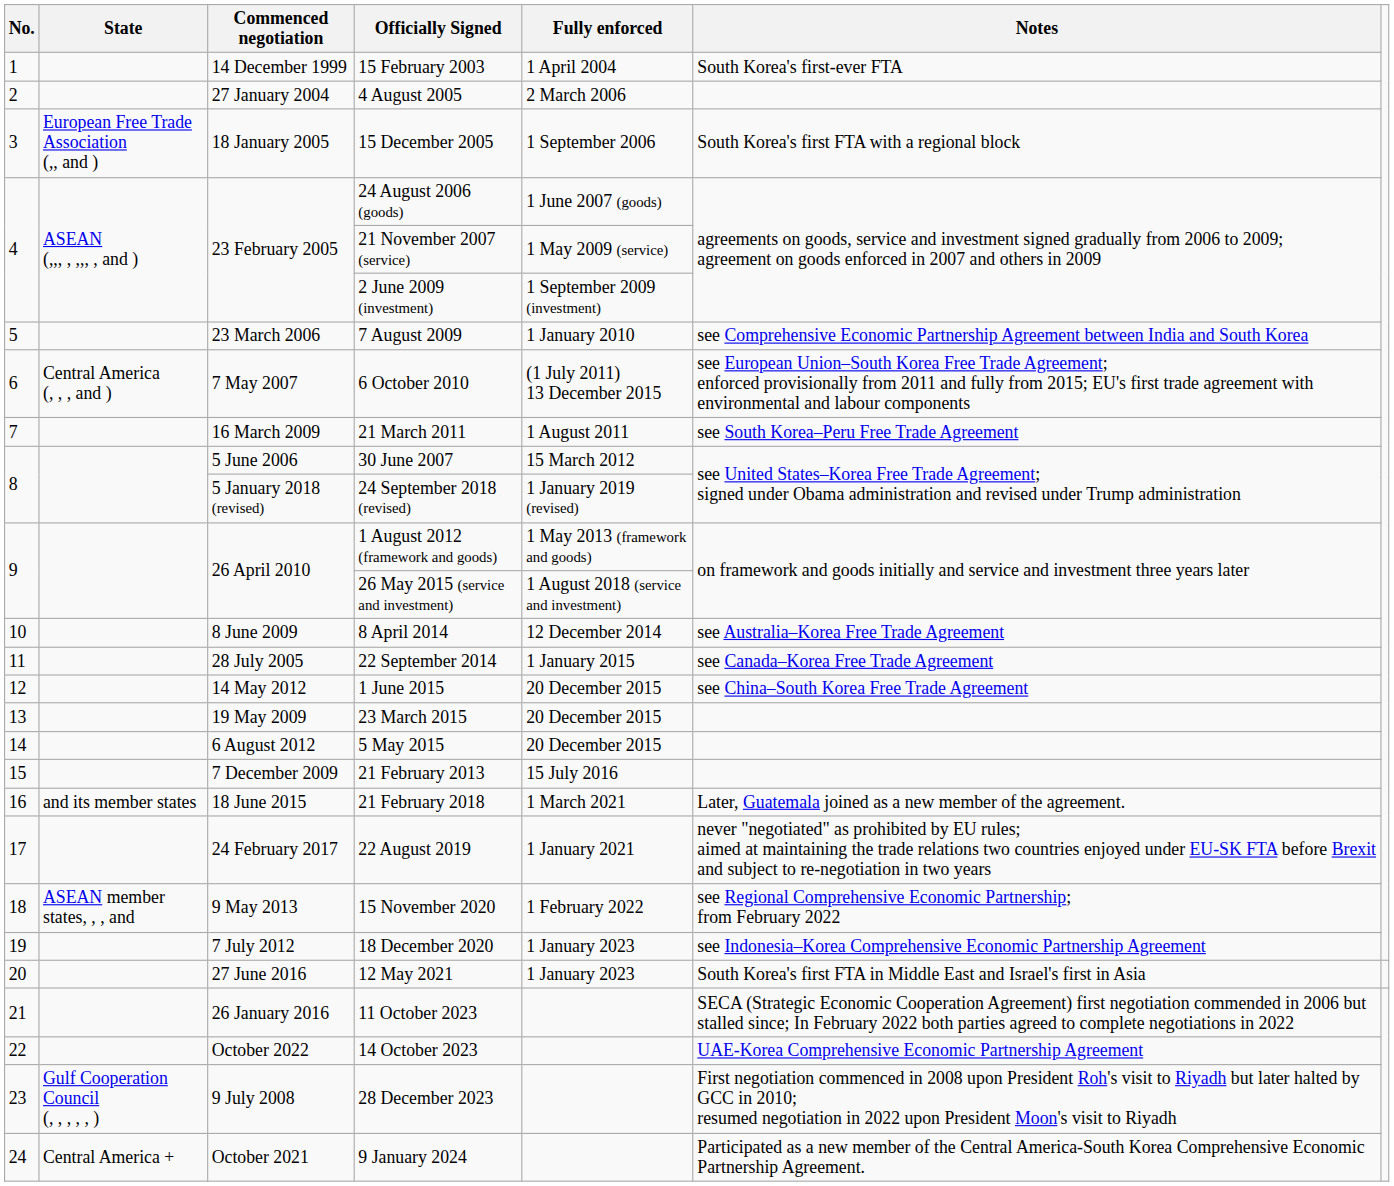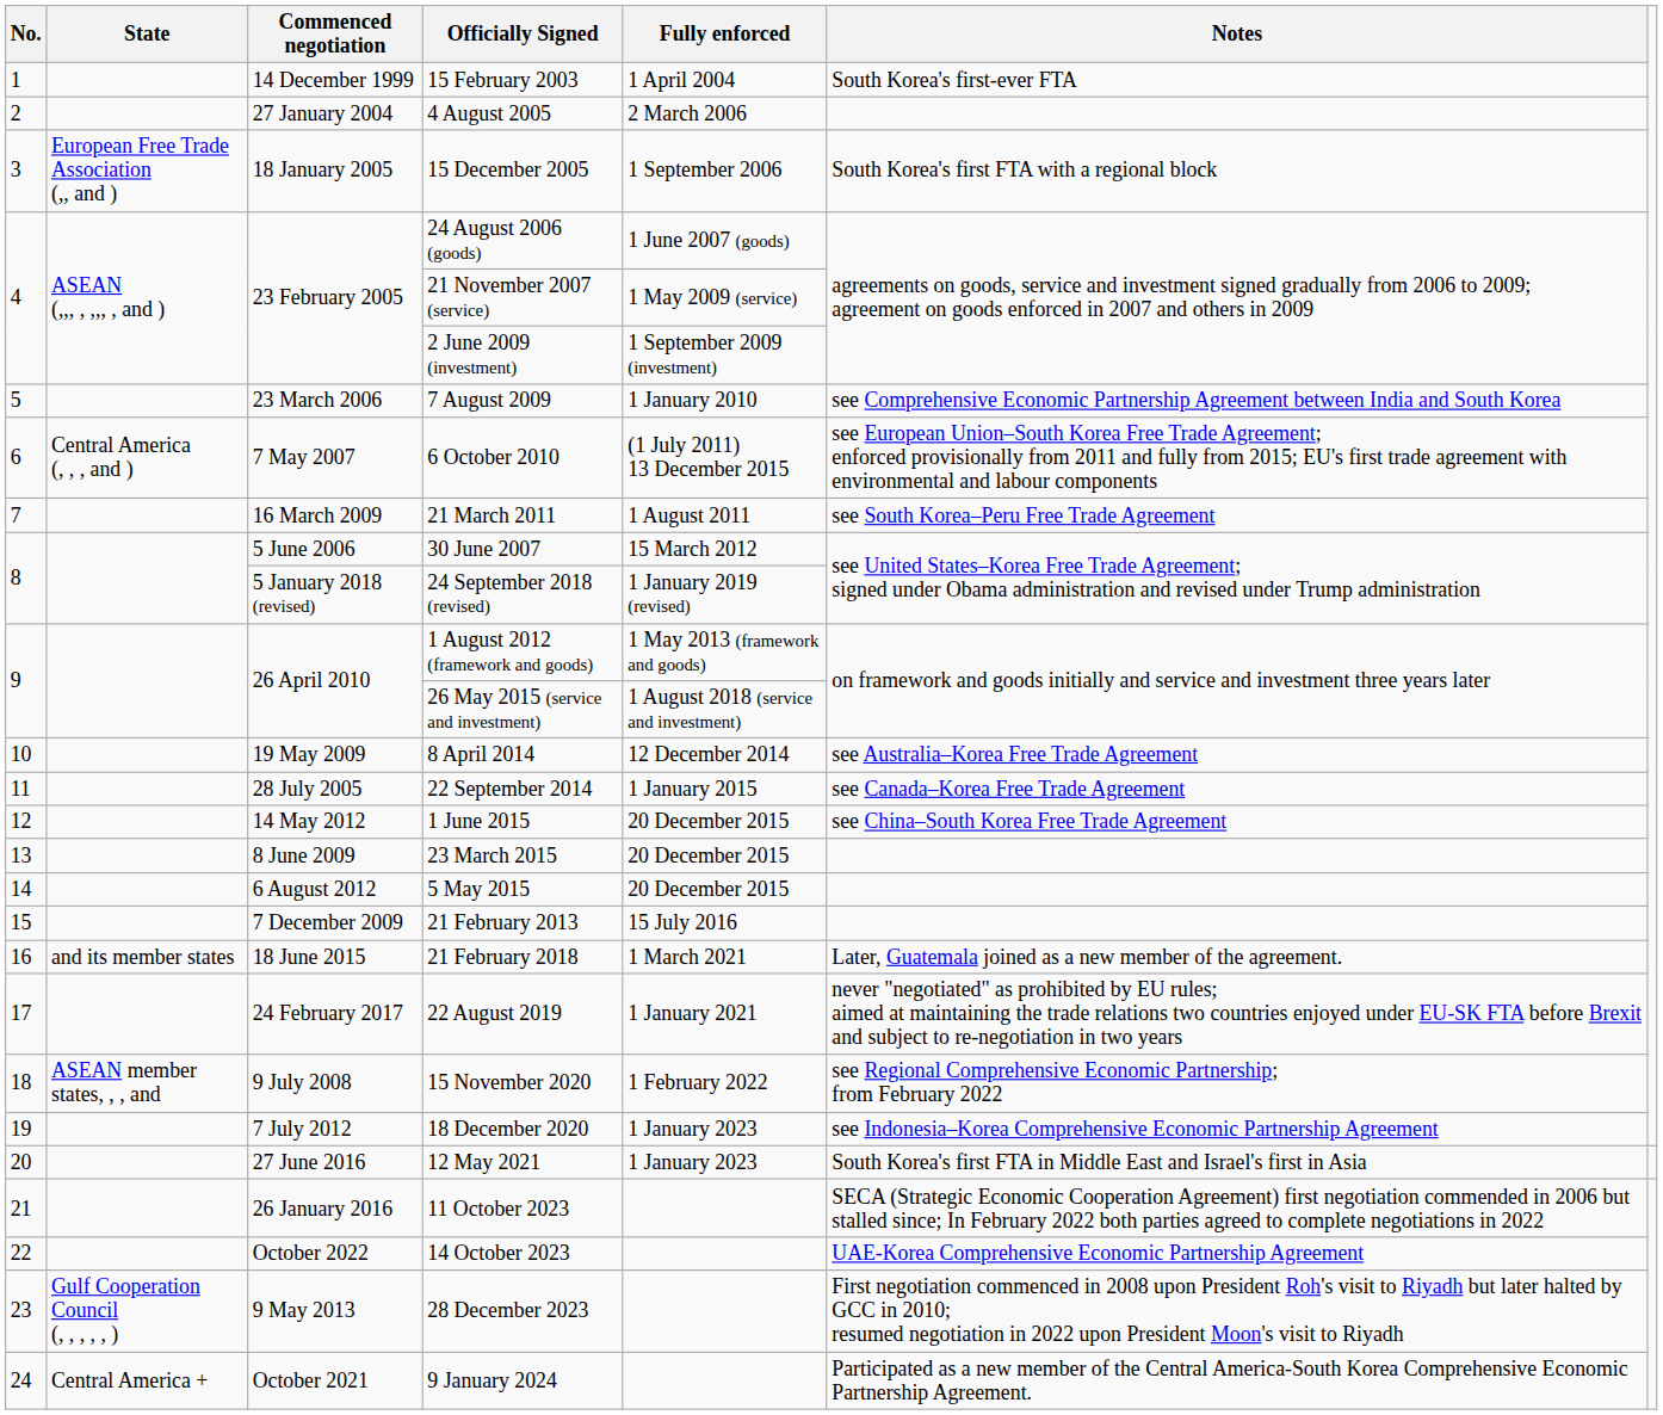 <table class="wikitable">
 <tr>
 <th>No.</th>
 <th>State</th>
 <th>Commenced negotiation</th>
 <th>Officially Signed</th>
 <th>Fully enforced</th>
 <th>Notes</th>
 </tr>
 <tr>
 <td>1</td>
 <td></td>
 <td>14 December 1999</td>
 <td>15 February 2003</td>
 <td>1 April 2004</td>
 <td>South Korea's first-ever FTA</td>
 </tr>
 <tr>
 <td>2</td>
 <td></td>
 <td>27 January 2004</td>
 <td>4 August 2005</td>
 <td>2 March 2006</td>
 <td></td>
 </tr>
 <tr>
 <td>3</td>
 <td><a href='#'>European Free Trade Association</a><br>(,, and )</td>
 <td>18 January 2005</td>
 <td>15 December 2005</td>
 <td>1 September 2006</td>
 <td>South Korea's first FTA with a regional block</td>
 </tr>
 <tr>
 <td rowspan=3>4</td>
 <td rowspan=3><a href='#'>ASEAN</a><br>(,,, , ,,, ,  and )</td>
 <td rowspan=3>23 February 2005</td>
 <td>24 August 2006 <small>(goods)</small></td>
 <td>1 June 2007 <small>(goods)</small></td>
 <td rowspan=3>agreements on goods, service and investment signed gradually from 2006 to 2009;<br>agreement on goods enforced in 2007 and others in 2009</td>
 </tr>
 <tr>
 <td>21 November 2007 <small>(service)</small></td>
 <td>1 May 2009 <small>(service)</small></td>
 </tr>
 <tr>
 <td>2 June 2009 <small>(investment)</small></td>
 <td>1 September 2009 <small>(investment)</small></td>
 </tr>
 <tr>
 <td>5</td>
 <td></td>
 <td>23 March 2006</td>
 <td>7 August 2009</td>
 <td>1 January 2010</td>
 <td>see <a href='#'>Comprehensive Economic Partnership Agreement between India and South Korea</a></td>
 </tr>
 <tr>
 <td>6</td>
 <td>Central America<br>(, , ,  and )</td>
 <td>7 May 2007</td>
 <td>6 October 2010</td>
 <td>(1 July 2011)<br>13 December 2015</td>
 <td>see <a href='#'>European Union–South Korea Free Trade Agreement</a>;<br>enforced provisionally from 2011 and fully from 2015; EU's first trade agreement with environmental and labour components</td>
 </tr>
 <tr>
 <td>7</td>
 <td></td>
 <td>16 March 2009</td>
 <td>21 March 2011</td>
 <td>1 August 2011</td>
 <td>see <a href='#'>South Korea–Peru Free Trade Agreement</a></td>
 </tr>
 <tr>
 <td rowspan=2>8</td>
 <td rowspan=2></td>
 <td>5 June 2006</td>
 <td>30 June 2007</td>
 <td>15 March 2012</td>
 <td rowspan=2>see <a href='#'>United States–Korea Free Trade Agreement</a>;<br>signed under Obama administration and revised under Trump administration</td>
 </tr>
 <tr>
 <td>5 January 2018 <small>(revised)</small></td>
 <td>24 September 2018 <small>(revised)</small></td>
 <td>1 January 2019 <small>(revised)</small></td>
 </tr>
 <tr>
 <td rowspan=2>9</td>
 <td rowspan=2></td>
 <td rowspan=2>26 April 2010</td>
 <td>1 August 2012 <small>(framework and goods)</small></td>
 <td>1 May 2013 <small>(framework and goods)</small></td>
 <td rowspan=2>on framework and goods initially and service and investment three years later</td>
 </tr>
 <tr>
 <td>26 May 2015 <small>(service and investment)</small></td>
 <td>1 August 2018 <small>(service and investment)</small></td>
 </tr>
 <tr>
 <td>10</td>
 <td></td>
-<td>8 June 2009</td>
+<td>19 May 2009</td>
 <td>8 April 2014</td>
 <td>12 December 2014</td>
 <td>see <a href='#'>Australia–Korea Free Trade Agreement</a></td>
 </tr>
 <tr>
 <td>11</td>
 <td></td>
 <td>28 July 2005</td>
 <td>22 September 2014</td>
 <td>1 January 2015</td>
 <td>see <a href='#'>Canada–Korea Free Trade Agreement</a></td>
 </tr>
 <tr>
 <td>12</td>
 <td></td>
 <td>14 May 2012</td>
 <td>1 June 2015</td>
 <td>20 December 2015</td>
 <td>see <a href='#'>China–South Korea Free Trade Agreement</a></td>
 </tr>
 <tr>
 <td>13</td>
 <td></td>
-<td>19 May 2009</td>
+<td>8 June 2009</td>
 <td>23 March 2015</td>
 <td>20 December 2015</td>
 <td></td>
 </tr>
 <tr>
 <td>14</td>
 <td></td>
 <td>6 August 2012</td>
 <td>5 May 2015</td>
 <td>20 December 2015</td>
 <td></td>
 </tr>
 <tr>
 <td>15</td>
 <td></td>
 <td>7 December 2009</td>
 <td>21 February 2013</td>
 <td>15 July 2016</td>
 <td></td>
 </tr>
 <tr>
 <td>16</td>
 <td> and its member states</td>
 <td>18 June 2015</td>
 <td>21 February 2018</td>
 <td>1 March 2021</td>
 <td>Later, <a href='#'>Guatemala</a> joined as a new member of the agreement.</td>
 </tr>
 <tr>
 <td>17</td>
 <td></td>
 <td>24 February 2017</td>
 <td>22 August 2019</td>
 <td>1 January 2021</td>
 <td>never "negotiated" as prohibited by EU rules;<br>aimed at maintaining the trade relations two countries enjoyed under <a href='#'>EU-SK FTA</a> before <a href='#'>Brexit</a> and subject to re-negotiation in two years</td>
 </tr>
 <tr>
 <td>18</td>
 <td><a href='#'>ASEAN</a> member states, , ,  and </td>
-<td>9 May 2013</td>
+<td>9 July 2008</td>
 <td>15 November 2020</td>
 <td>1 February 2022</td>
 <td>see <a href='#'>Regional Comprehensive Economic Partnership</a>;<br>from February 2022</td>
 </tr>
 <tr>
 <td>19</td>
 <td></td>
 <td>7 July 2012</td>
 <td>18 December 2020</td>
 <td>1 January 2023 </td>
 <td>see <a href='#'>Indonesia–Korea Comprehensive Economic Partnership Agreement</a></td>
 </tr>
 <tr>
 <td>20</td>
 <td></td>
 <td>27 June 2016</td>
 <td>12 May 2021</td>
 <td>1 January 2023</td>
 <td>South Korea's first FTA in Middle East and Israel's first in Asia</td>
 <td></td>
 </tr>
 <tr>
 <td>21</td>
 <td></td>
 <td>26 January 2016</td>
 <td>11 October 2023</td>
 <td></td>
 <td>SECA (Strategic Economic Cooperation Agreement) first negotiation commended in 2006 but stalled since; In February 2022 both parties agreed to complete negotiations in 2022</td>
 </tr>
 <tr>
 <td>22</td>
 <td></td>
 <td>October 2022</td>
 <td>14 October 2023</td>
 <td></td>
 <td><a href='#'>UAE-Korea Comprehensive Economic Partnership Agreement</a></td>
 </tr>
 <tr>
 <td>23</td>
 <td><a href='#'>Gulf Cooperation Council</a><br>(, , , , , )</td>
-<td>9 July 2008</td>
+<td>9 May 2013</td>
 <td>28 December 2023</td>
 <td></td>
 <td>First negotiation commenced in 2008 upon President <a href='#'>Roh</a>'s visit to <a href='#'>Riyadh</a> but later halted by GCC in 2010;<br>resumed negotiation in 2022 upon President <a href='#'>Moon</a>'s visit to Riyadh</td>
 </tr>
 <tr>
 <td>24</td>
 <td>Central America +<br></td>
 <td>October 2021</td>
 <td>9 January 2024</td>
 <td></td>
 <td>Participated as a new member of the Central America-South Korea Comprehensive Economic Partnership Agreement.</td>
 </tr>
 </table>
